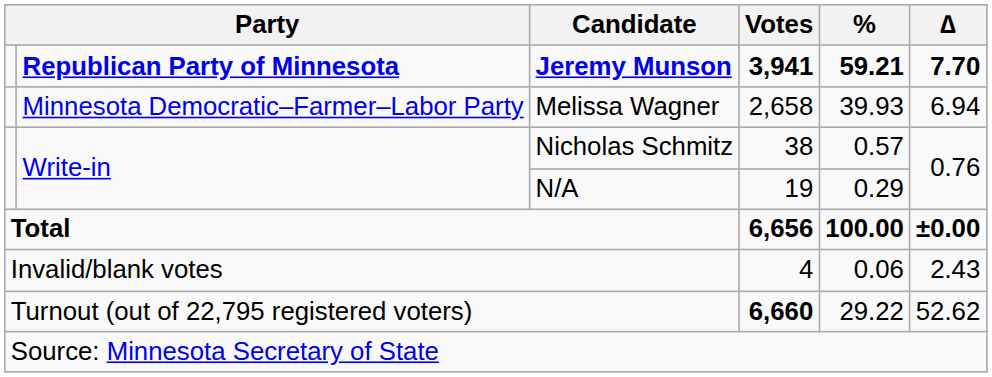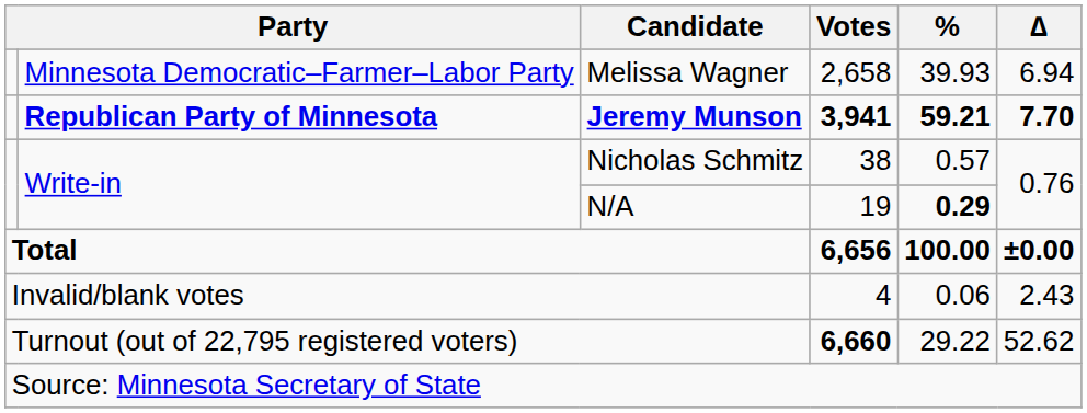 <table class="wikitable">
 <tr>
 <th colspan="2">Party</th>
 <th>Candidate</th>
 <th>Votes</th>
 <th>%</th>
 <th>∆</th>
 </tr>
 <tr>
 <td style="background-color:"></td>
+<td><a href='#'>Minnesota Democratic–Farmer–Labor Party</a></td>
+<td>Melissa Wagner</td>
+<td align="right">2,658</td>
+<td align="right">39.93</td>
+<td align="right">6.94</td>
+</tr>
+<tr>
+<td style="background-color:"></td>
 <td><strong><a href='#'>Republican Party of Minnesota</a></strong></td>
 <td><strong><a href='#'>Jeremy Munson</a></strong></td>
 <td align="right"><strong>3,941</strong></td>
 <td align="right"><strong>59.21</strong></td>
 <td align="right"><strong>7.70</strong></td>
-</tr>
-<tr>
-<td style="background-color:"></td>
-<td><a href='#'>Minnesota Democratic–Farmer–Labor Party</a></td>
-<td>Melissa Wagner</td>
-<td align="right">2,658</td>
-<td align="right">39.93</td>
-<td align="right">6.94</td>
 </tr>
 <tr>
 <td rowspan="2" style="background-color:"></td>
 <td rowspan="2"><a href='#'>Write-in</a></td>
 <td>Nicholas Schmitz</td>
 <td align="right">38</td>
 <td align="right">0.57</td>
 <td rowspan="2" align="right">0.76</td>
 </tr>
 <tr>
 <td>N/A</td>
 <td align="right">19</td>
-<td align="right">0.29</td>
+<td align="right"><strong>0.29</strong></td>
 </tr>
 <tr>
 <td colspan="3"><strong>Total</strong></td>
 <td align="right"><strong>6,656</strong></td>
 <td align="right"><strong>100.00</strong></td>
 <td align="right"><strong>±0.00</strong></td>
 </tr>
 <tr>
 <td colspan="3">Invalid/blank votes</td>
 <td align="right">4</td>
 <td align="right">0.06</td>
 <td align="right">2.43</td>
 </tr>
 <tr>
 <td colspan="3">Turnout (out of 22,795 registered voters)</td>
 <td align="right"><strong>6,660</strong></td>
 <td align="right">29.22</td>
 <td align="right">52.62</td>
 </tr>
 <tr>
 <td colspan="6">Source: <a href='#'>Minnesota Secretary of State</a></td>
 </tr>
 </table>
